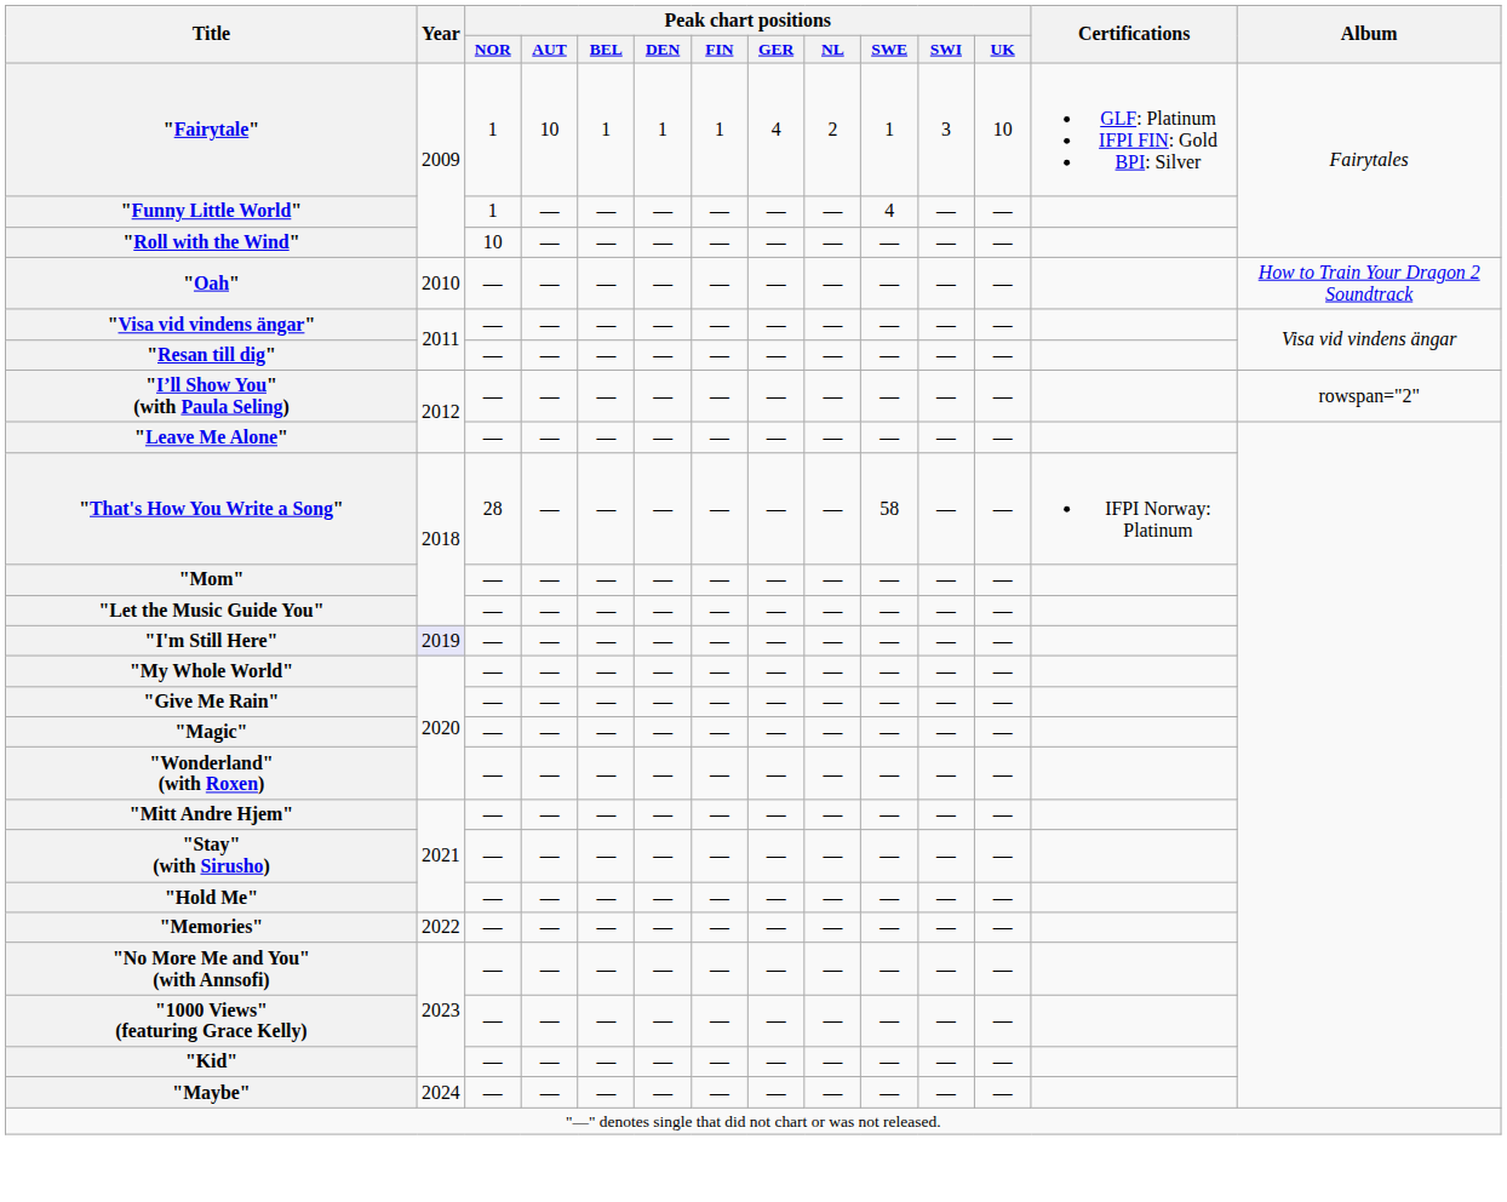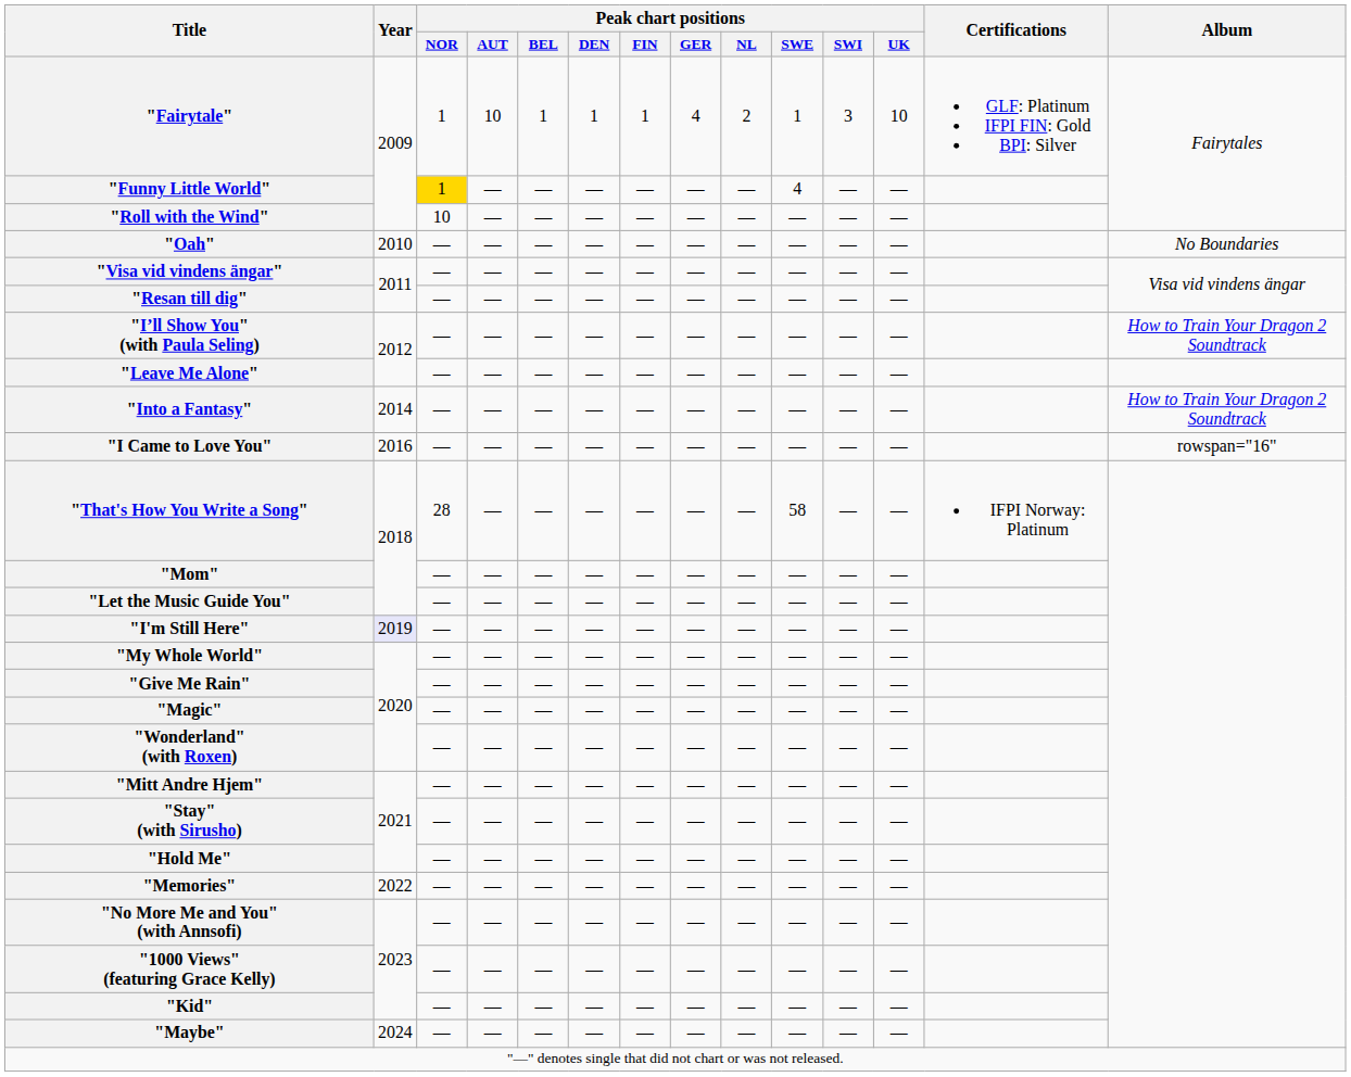 <table class="wikitable sortable plainrowheaders" style="text-align:center;">
 <tr>
 <th rowspan="2" scope="col" style="width:21em;">Title</th>
 <th rowspan="2" scope="col" style="width:1em;">Year</th>
 <th colspan="10" scope="col">Peak chart positions</th>
 <th rowspan="2" scope="col">Certifications</th>
 <th rowspan="2" scope="col">Album</th>
 </tr>
 <tr>
 <th scope="col" style="width:3em;font-size:85%;"><a href='#'>NOR</a><br></th>
 <th scope="col" style="width:3em;font-size:85%;"><a href='#'>AUT</a><br></th>
 <th scope="col" style="width:3em;font-size:85%;"><a href='#'>BEL</a><br></th>
 <th scope="col" style="width:3em;font-size:85%;"><a href='#'>DEN</a><br></th>
 <th scope="col" style="width:3em;font-size:85%;"><a href='#'>FIN</a><br></th>
 <th scope="col" style="width:3em;font-size:85%;"><a href='#'>GER</a><br></th>
 <th scope="col" style="width:3em;font-size:85%;"><a href='#'>NL</a><br></th>
 <th scope="col" style="width:3em;font-size:85%;"><a href='#'>SWE</a><br></th>
 <th scope="col" style="width:3em;font-size:85%;"><a href='#'>SWI</a><br></th>
 <th scope="col" style="width:3em;font-size:85%;"><a href='#'>UK</a><br></th>
 </tr>
 <tr>
 <th scope="row">"<a href='#'>Fairytale</a>"</th>
 <td rowspan="3">2009</td>
 <td>1</td>
 <td>10</td>
 <td>1</td>
 <td>1</td>
 <td>1</td>
 <td>4</td>
 <td>2</td>
 <td>1</td>
 <td>3</td>
 <td>10</td>
 <td><br><ul><li><a href='#'>GLF</a>: Platinum</li><li><a href='#'>IFPI FIN</a>: Gold</li><li><a href='#'>BPI</a>: Silver</li></ul></td>
 <td rowspan="3"><em>Fairytales</em></td>
 </tr>
 <tr>
 <th scope="row">"<a href='#'>Funny Little World</a>"</th>
-<td>1</td>
+<td style="background: gold;">1</td>
 <td>—</td>
 <td>—</td>
 <td>—</td>
 <td>—</td>
 <td>—</td>
 <td>—</td>
 <td>4</td>
 <td>—</td>
 <td>—</td>
 <td></td>
 </tr>
 <tr>
 <th scope="row">"<a href='#'>Roll with the Wind</a>"</th>
 <td>10</td>
 <td>—</td>
 <td>—</td>
 <td>—</td>
 <td>—</td>
 <td>—</td>
 <td>—</td>
 <td>—</td>
 <td>—</td>
 <td>—</td>
 <td></td>
 </tr>
 <tr>
 <th scope="row">"<a href='#'>Oah</a>"</th>
 <td>2010</td>
 <td>—</td>
 <td>—</td>
 <td>—</td>
 <td>—</td>
 <td>—</td>
 <td>—</td>
 <td>—</td>
 <td>—</td>
 <td>—</td>
 <td>—</td>
 <td></td>
-<td><em><a href='#'>How to Train Your Dragon 2 Soundtrack</a></em></td>
+<td><em>No Boundaries</em></td>
 </tr>
 <tr>
 <th scope="row">"<a href='#'>Visa vid vindens ängar</a>"</th>
 <td rowspan="2">2011</td>
 <td>—</td>
 <td>—</td>
 <td>—</td>
 <td>—</td>
 <td>—</td>
 <td>—</td>
 <td>—</td>
 <td>—</td>
 <td>—</td>
 <td>—</td>
 <td></td>
 <td rowspan="2"><em>Visa vid vindens ängar</em></td>
 </tr>
 <tr>
 <th scope="row">"<a href='#'>Resan till dig</a>"</th>
 <td>—</td>
 <td>—</td>
 <td>—</td>
 <td>—</td>
 <td>—</td>
 <td>—</td>
 <td>—</td>
 <td>—</td>
 <td>—</td>
 <td>—</td>
 <td></td>
 </tr>
 <tr>
 <th scope="row">"<a href='#'>I’ll Show You</a>"<br><span>(with <a href='#'>Paula Seling</a>)</span></th>
 <td rowspan="2">2012</td>
 <td>—</td>
 <td>—</td>
 <td>—</td>
 <td>—</td>
 <td>—</td>
 <td>—</td>
 <td>—</td>
 <td>—</td>
 <td>—</td>
 <td>—</td>
 <td></td>
-<td>rowspan="2" </td>
+<td><em><a href='#'>How to Train Your Dragon 2 Soundtrack</a></em></td>
 </tr>
 <tr>
 <th scope="row">"<a href='#'>Leave Me Alone</a>"</th>
 <td>—</td>
 <td>—</td>
 <td>—</td>
 <td>—</td>
 <td>—</td>
 <td>—</td>
 <td>—</td>
 <td>—</td>
 <td>—</td>
 <td>—</td>
 <td></td>
+</tr>
+<tr>
+<th scope="row">"<a href='#'>Into a Fantasy</a>"</th>
+<td>2014</td>
+<td>—</td>
+<td>—</td>
+<td>—</td>
+<td>—</td>
+<td>—</td>
+<td>—</td>
+<td>—</td>
+<td>—</td>
+<td>—</td>
+<td>—</td>
+<td></td>
+<td><em><a href='#'>How to Train Your Dragon 2 Soundtrack</a></em></td>
+</tr>
+<tr>
+<th scope="row">"I Came to Love You"</th>
+<td>2016</td>
+<td>—</td>
+<td>—</td>
+<td>—</td>
+<td>—</td>
+<td>—</td>
+<td>—</td>
+<td>—</td>
+<td>—</td>
+<td>—</td>
+<td>—</td>
+<td></td>
+<td>rowspan="16" </td>
 </tr>
 <tr>
 <th scope="row">"<a href='#'>That's How You Write a Song</a>"</th>
 <td rowspan="3">2018</td>
 <td>28</td>
 <td>—</td>
 <td>—</td>
 <td>—</td>
 <td>—</td>
 <td>—</td>
 <td>—</td>
 <td>58</td>
 <td>—</td>
 <td>—</td>
 <td><br><ul><li>IFPI Norway: Platinum </li></ul></td>
 </tr>
 <tr>
 <th scope="row">"Mom"</th>
 <td>—</td>
 <td>—</td>
 <td>—</td>
 <td>—</td>
 <td>—</td>
 <td>—</td>
 <td>—</td>
 <td>—</td>
 <td>—</td>
 <td>—</td>
 <td></td>
 </tr>
 <tr>
 <th scope="row">"Let the Music Guide You"</th>
 <td>—</td>
 <td>—</td>
 <td>—</td>
 <td>—</td>
 <td>—</td>
 <td>—</td>
 <td>—</td>
 <td>—</td>
 <td>—</td>
 <td>—</td>
 <td></td>
 </tr>
 <tr>
 <th scope="row">"I'm Still Here"</th>
 <td style="background: lavender;">2019</td>
 <td>—</td>
 <td>—</td>
 <td>—</td>
 <td>—</td>
 <td>—</td>
 <td>—</td>
 <td>—</td>
 <td>—</td>
 <td>—</td>
 <td>—</td>
 <td></td>
 </tr>
 <tr>
 <th scope="row">"My Whole World"</th>
 <td rowspan="4">2020</td>
 <td>—</td>
 <td>—</td>
 <td>—</td>
 <td>—</td>
 <td>—</td>
 <td>—</td>
 <td>—</td>
 <td>—</td>
 <td>—</td>
 <td>—</td>
 <td></td>
 </tr>
 <tr>
 <th scope="row">"Give Me Rain"</th>
 <td>—</td>
 <td>—</td>
 <td>—</td>
 <td>—</td>
 <td>—</td>
 <td>—</td>
 <td>—</td>
 <td>—</td>
 <td>—</td>
 <td>—</td>
 <td></td>
 </tr>
 <tr>
 <th scope="row">"Magic"</th>
 <td>—</td>
 <td>—</td>
 <td>—</td>
 <td>—</td>
 <td>—</td>
 <td>—</td>
 <td>—</td>
 <td>—</td>
 <td>—</td>
 <td>—</td>
 <td></td>
 </tr>
 <tr>
 <th scope="row">"Wonderland"<br><span>(with <a href='#'>Roxen</a>)</span></th>
 <td>—</td>
 <td>—</td>
 <td>—</td>
 <td>—</td>
 <td>—</td>
 <td>—</td>
 <td>—</td>
 <td>—</td>
 <td>—</td>
 <td>—</td>
 <td></td>
 </tr>
 <tr>
 <th scope="row">"Mitt Andre Hjem"</th>
 <td rowspan="3">2021</td>
 <td>—</td>
 <td>—</td>
 <td>—</td>
 <td>—</td>
 <td>—</td>
 <td>—</td>
 <td>—</td>
 <td>—</td>
 <td>—</td>
 <td>—</td>
 <td></td>
 </tr>
 <tr>
 <th scope="row">"Stay"<br><span>(with <a href='#'>Sirusho</a>)</span></th>
 <td>—</td>
 <td>—</td>
 <td>—</td>
 <td>—</td>
 <td>—</td>
 <td>—</td>
 <td>—</td>
 <td>—</td>
 <td>—</td>
 <td>—</td>
 <td></td>
 </tr>
 <tr>
 <th scope="row">"Hold Me"</th>
 <td>—</td>
 <td>—</td>
 <td>—</td>
 <td>—</td>
 <td>—</td>
 <td>—</td>
 <td>—</td>
 <td>—</td>
 <td>—</td>
 <td>—</td>
 <td></td>
 </tr>
 <tr>
 <th scope="row">"Memories"</th>
 <td>2022</td>
 <td>—</td>
 <td>—</td>
 <td>—</td>
 <td>—</td>
 <td>—</td>
 <td>—</td>
 <td>—</td>
 <td>—</td>
 <td>—</td>
 <td>—</td>
 <td></td>
 </tr>
 <tr>
 <th scope="row">"No More Me and You" <br><span>(with Annsofi)</span></th>
 <td rowspan="3">2023</td>
 <td>—</td>
 <td>—</td>
 <td>—</td>
 <td>—</td>
 <td>—</td>
 <td>—</td>
 <td>—</td>
 <td>—</td>
 <td>—</td>
 <td>—</td>
 <td></td>
 </tr>
 <tr>
 <th scope="row">"1000 Views" <br><span>(featuring Grace Kelly)</span></th>
 <td>—</td>
 <td>—</td>
 <td>—</td>
 <td>—</td>
 <td>—</td>
 <td>—</td>
 <td>—</td>
 <td>—</td>
 <td>—</td>
 <td>—</td>
 <td></td>
 </tr>
 <tr>
 <th scope="row">"Kid"</th>
 <td>—</td>
 <td>—</td>
 <td>—</td>
 <td>—</td>
 <td>—</td>
 <td>—</td>
 <td>—</td>
 <td>—</td>
 <td>—</td>
 <td>—</td>
 <td></td>
 </tr>
 <tr>
 <th scope="row">"Maybe"</th>
 <td>2024</td>
 <td>—</td>
 <td>—</td>
 <td>—</td>
 <td>—</td>
 <td>—</td>
 <td>—</td>
 <td>—</td>
 <td>—</td>
 <td>—</td>
 <td>—</td>
 <td></td>
 </tr>
 <tr>
 <td colspan="14" style="font-size:85%">"—" denotes single that did not chart or was not released.</td>
 </tr>
 </table>
